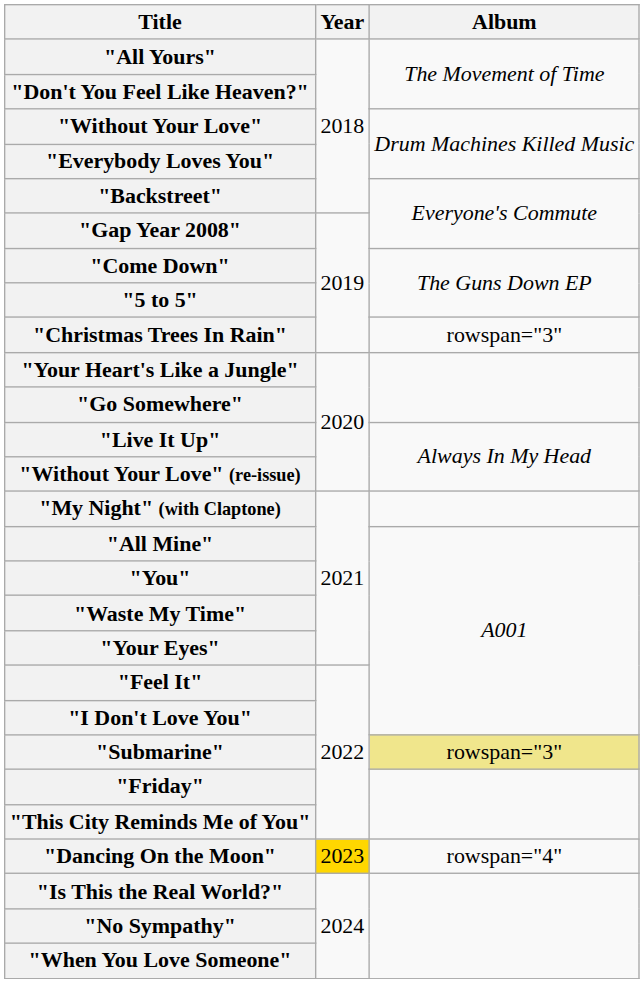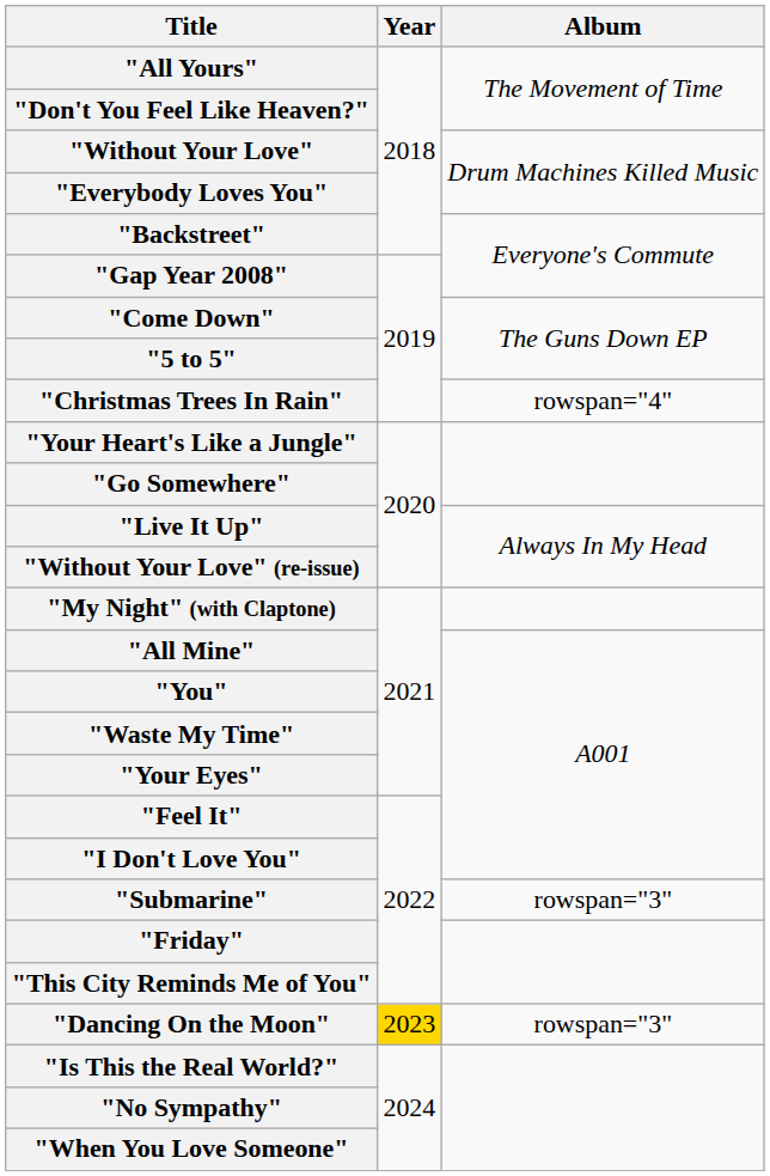 <table class="wikitable plainrowheaders" style="text-align:center;">
 <tr>
 <th scope="col">Title</th>
 <th scope="col">Year</th>
 <th scope="col">Album</th>
 </tr>
 <tr>
 <th scope="row">"All Yours"</th>
 <td rowspan="5">2018</td>
 <td rowspan="2"><em>The Movement of Time</em></td>
 </tr>
 <tr>
 <th scope="row">"Don't You Feel Like Heaven?"</th>
 </tr>
 <tr>
 <th scope="row">"Without Your Love"</th>
 <td rowspan="2"><em>Drum Machines Killed Music</em></td>
 </tr>
 <tr>
 <th scope="row">"Everybody Loves You"</th>
 </tr>
 <tr>
 <th scope="row">"Backstreet"</th>
 <td rowspan="2"><em>Everyone's Commute</em></td>
 </tr>
 <tr>
 <th scope="row">"Gap Year 2008"</th>
 <td rowspan="4">2019</td>
 </tr>
 <tr>
 <th scope="row">"Come Down"</th>
 <td rowspan="2"><em>The Guns Down EP</em></td>
 </tr>
 <tr>
 <th scope="row">"5 to 5"</th>
 </tr>
 <tr>
 <th scope="row">"Christmas Trees In Rain"</th>
-<td>rowspan="3" </td>
+<td>rowspan="4" </td>
 </tr>
 <tr>
 <th scope="row">"Your Heart's Like a Jungle"</th>
 <td rowspan="4">2020</td>
 </tr>
 <tr>
 <th scope="row">"Go Somewhere"</th>
 </tr>
 <tr>
 <th scope="row">"Live It Up"</th>
 <td rowspan="2"><em>Always In My Head</em></td>
 </tr>
 <tr>
 <th scope="row">"Without Your Love" <small>(re-issue)</small></th>
 </tr>
 <tr>
 <th scope="row">"My Night" <small>(with Claptone)</small></th>
 <td rowspan="5">2021</td>
 <td></td>
 </tr>
 <tr>
 <th scope="row">"All Mine"</th>
 <td rowspan="6"><em>A001</em></td>
 </tr>
 <tr>
 <th scope="row">"You"</th>
 </tr>
 <tr>
 <th scope="row">"Waste My Time"</th>
 </tr>
 <tr>
 <th scope="row">"Your Eyes"</th>
 </tr>
 <tr>
 <th scope="row">"Feel It"</th>
 <td rowspan="5">2022</td>
 </tr>
 <tr>
 <th scope="row">"I Don't Love You"</th>
 </tr>
 <tr>
 <th scope="row">"Submarine"</th>
-<td style="background: khaki;">rowspan="3" </td>
+<td>rowspan="3" </td>
 </tr>
 <tr>
 <th scope="row">"Friday"</th>
 </tr>
 <tr>
 <th scope="row">"This City Reminds Me of You"</th>
 </tr>
 <tr>
 <th scope="row">"Dancing On the Moon"</th>
 <td style="background: gold;">2023</td>
-<td>rowspan="4" </td>
+<td>rowspan="3" </td>
 </tr>
 <tr>
 <th scope="row">"Is This the Real World?"</th>
 <td rowspan="3">2024</td>
 </tr>
 <tr>
 <th scope="row">"No Sympathy"</th>
 </tr>
 <tr>
 <th scope="row">"When You Love Someone"</th>
 </tr>
 <tr>
 </tr>
 </table>
